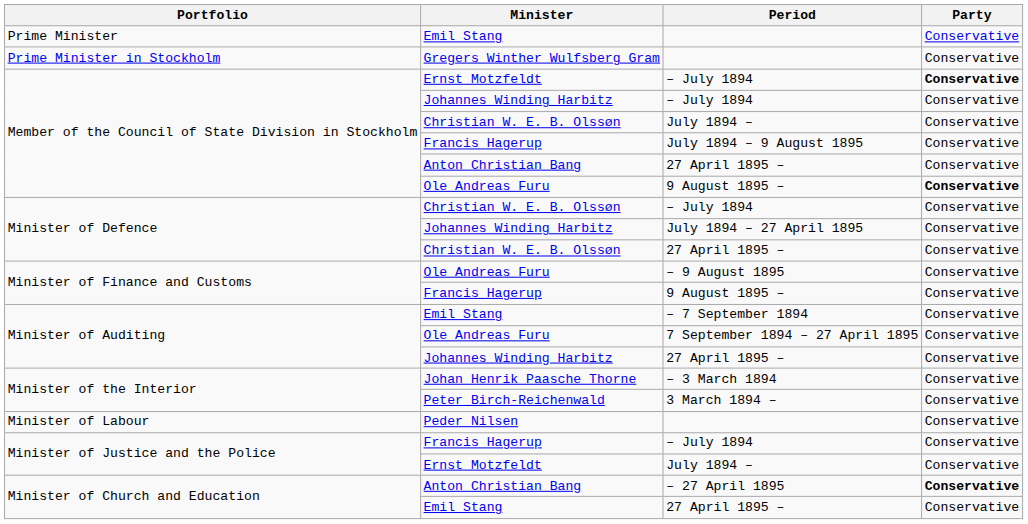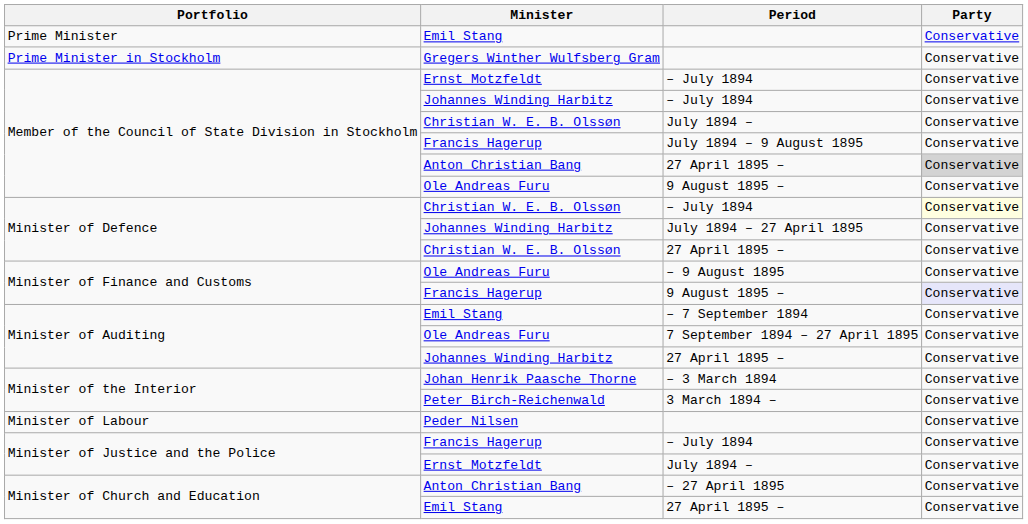 <table class="wikitable">
 <tr>
 <th>Portfolio</th>
 <th>Minister</th>
 <th>Period</th>
 <th>Party</th>
 </tr>
 <tr>
 <td>Prime Minister</td>
 <td><a href='#'>Emil Stang</a></td>
 <td></td>
 <td><a href='#'>Conservative</a></td>
 </tr>
 <tr>
 <td><a href='#'>Prime Minister in Stockholm</a></td>
 <td><a href='#'>Gregers Winther Wulfsberg Gram</a></td>
 <td></td>
 <td>Conservative</td>
 </tr>
 <tr>
 <td rowspan=6>Member of the Council of State Division in Stockholm</td>
 <td><a href='#'>Ernst Motzfeldt</a></td>
 <td>– July 1894</td>
-<td><strong>Conservative</strong></td>
+<td>Conservative</td>
 </tr>
 <tr>
 <td><a href='#'>Johannes Winding Harbitz</a></td>
 <td>– July 1894</td>
 <td>Conservative</td>
 </tr>
 <tr>
 <td><a href='#'>Christian W. E. B. Olssøn</a></td>
 <td>July 1894 –</td>
 <td>Conservative</td>
 </tr>
 <tr>
 <td><a href='#'>Francis Hagerup</a></td>
 <td>July 1894 – 9 August 1895</td>
 <td>Conservative</td>
 </tr>
 <tr>
 <td><a href='#'>Anton Christian Bang</a></td>
 <td>27 April 1895 –</td>
-<td>Conservative</td>
+<td style="background: lightgrey;">Conservative</td>
 </tr>
 <tr>
 <td><a href='#'>Ole Andreas Furu</a></td>
 <td>9 August 1895 –</td>
-<td><strong>Conservative</strong></td>
+<td>Conservative</td>
 </tr>
 <tr>
 <td rowspan=3>Minister of Defence</td>
 <td><a href='#'>Christian W. E. B. Olssøn</a></td>
 <td>– July 1894</td>
-<td>Conservative</td>
+<td style="background: lightyellow;">Conservative</td>
 </tr>
 <tr>
 <td><a href='#'>Johannes Winding Harbitz</a></td>
 <td>July 1894 – 27 April 1895</td>
 <td>Conservative</td>
 </tr>
 <tr>
 <td><a href='#'>Christian W. E. B. Olssøn</a></td>
 <td>27 April 1895 –</td>
 <td>Conservative</td>
 </tr>
 <tr>
 <td rowspan=2>Minister of Finance and Customs</td>
 <td><a href='#'>Ole Andreas Furu</a></td>
 <td>– 9 August 1895</td>
 <td>Conservative</td>
 </tr>
 <tr>
 <td><a href='#'>Francis Hagerup</a></td>
 <td>9 August 1895 –</td>
-<td>Conservative</td>
+<td style="background: lavender;">Conservative</td>
 </tr>
 <tr>
 <td rowspan=3>Minister of Auditing</td>
 <td><a href='#'>Emil Stang</a></td>
 <td>– 7 September 1894</td>
 <td>Conservative</td>
 </tr>
 <tr>
 <td><a href='#'>Ole Andreas Furu</a></td>
 <td>7 September 1894 – 27 April 1895</td>
 <td>Conservative</td>
 </tr>
 <tr>
 <td><a href='#'>Johannes Winding Harbitz</a></td>
 <td>27 April 1895 –</td>
 <td>Conservative</td>
 </tr>
 <tr>
 <td rowspan=2>Minister of the Interior</td>
 <td><a href='#'>Johan Henrik Paasche Thorne</a></td>
 <td>– 3 March 1894</td>
 <td>Conservative</td>
 </tr>
 <tr>
 <td><a href='#'>Peter Birch-Reichenwald</a></td>
 <td>3 March 1894 –</td>
 <td>Conservative</td>
 </tr>
 <tr>
 <td>Minister of Labour</td>
 <td><a href='#'>Peder Nilsen</a></td>
 <td></td>
 <td>Conservative</td>
 </tr>
 <tr>
 <td rowspan=2>Minister of Justice and the Police</td>
 <td><a href='#'>Francis Hagerup</a></td>
 <td>– July 1894</td>
 <td>Conservative</td>
 </tr>
 <tr>
 <td><a href='#'>Ernst Motzfeldt</a></td>
 <td>July 1894 –</td>
 <td>Conservative</td>
 </tr>
 <tr>
 <td rowspan=2>Minister of Church and Education</td>
 <td><a href='#'>Anton Christian Bang</a></td>
 <td>– 27 April 1895</td>
-<td><strong>Conservative</strong></td>
+<td>Conservative</td>
 </tr>
 <tr>
 <td><a href='#'>Emil Stang</a></td>
 <td>27 April 1895 –</td>
 <td>Conservative</td>
 </tr>
 </table>
